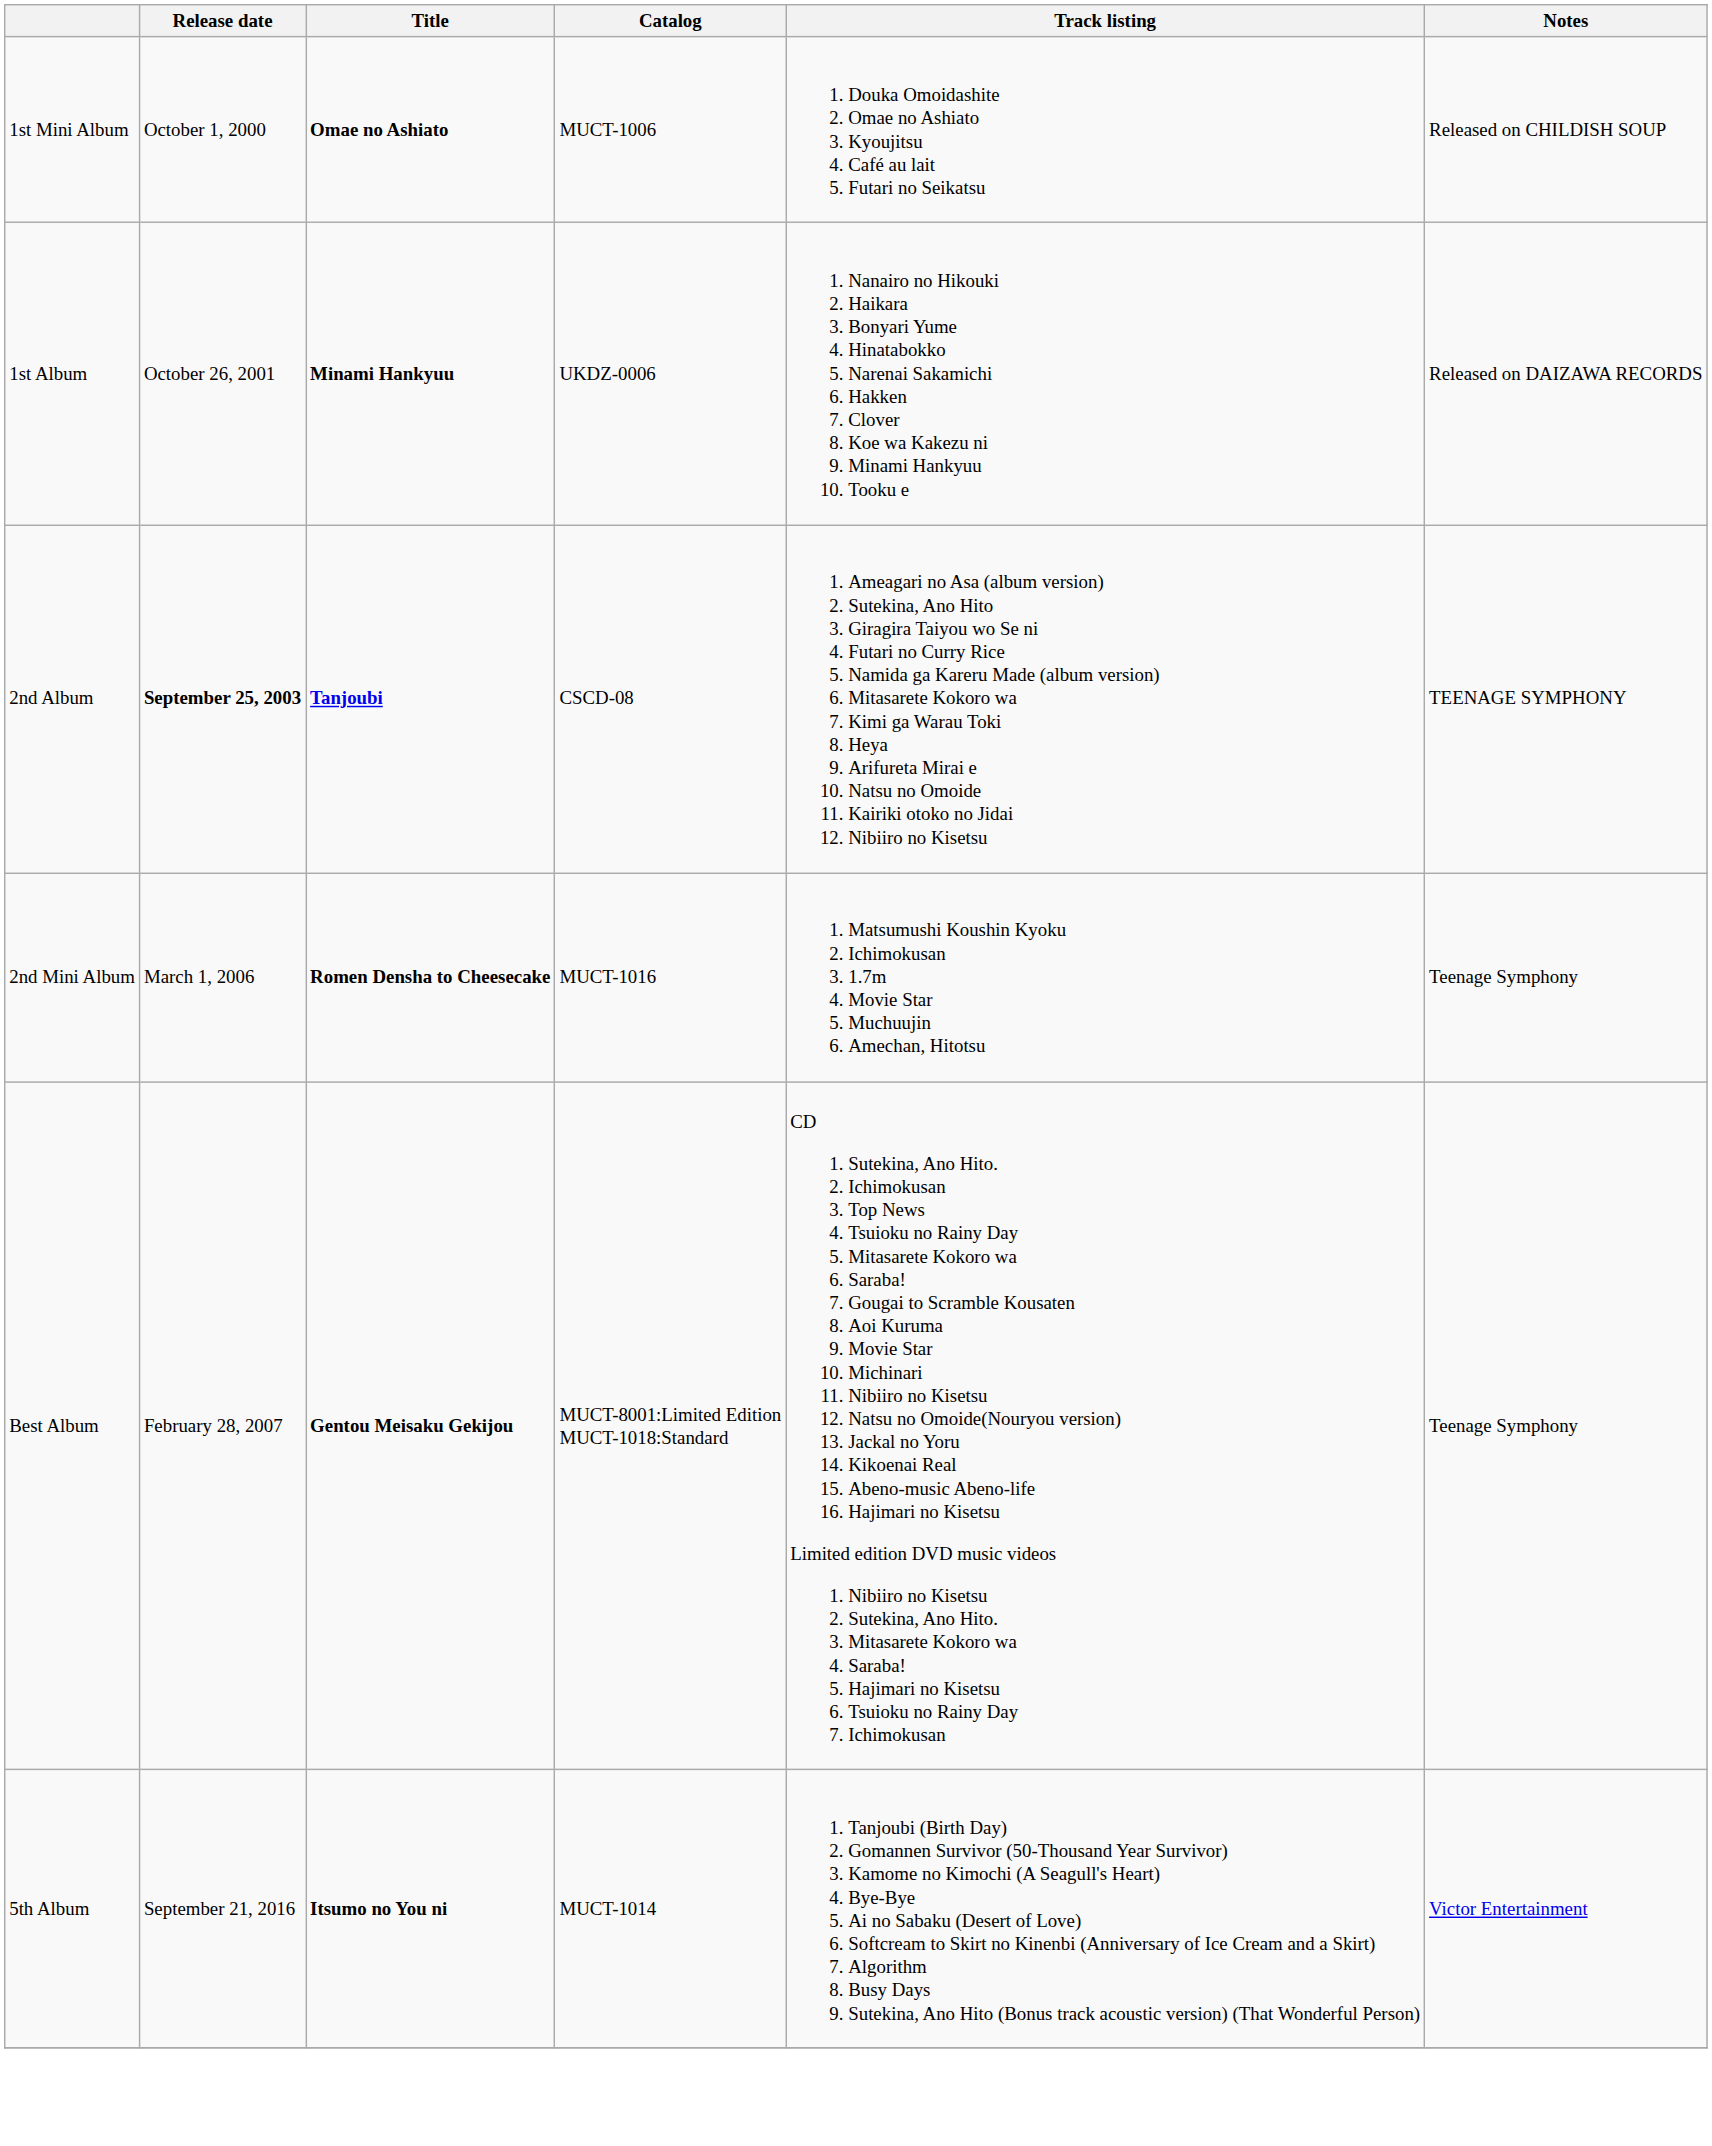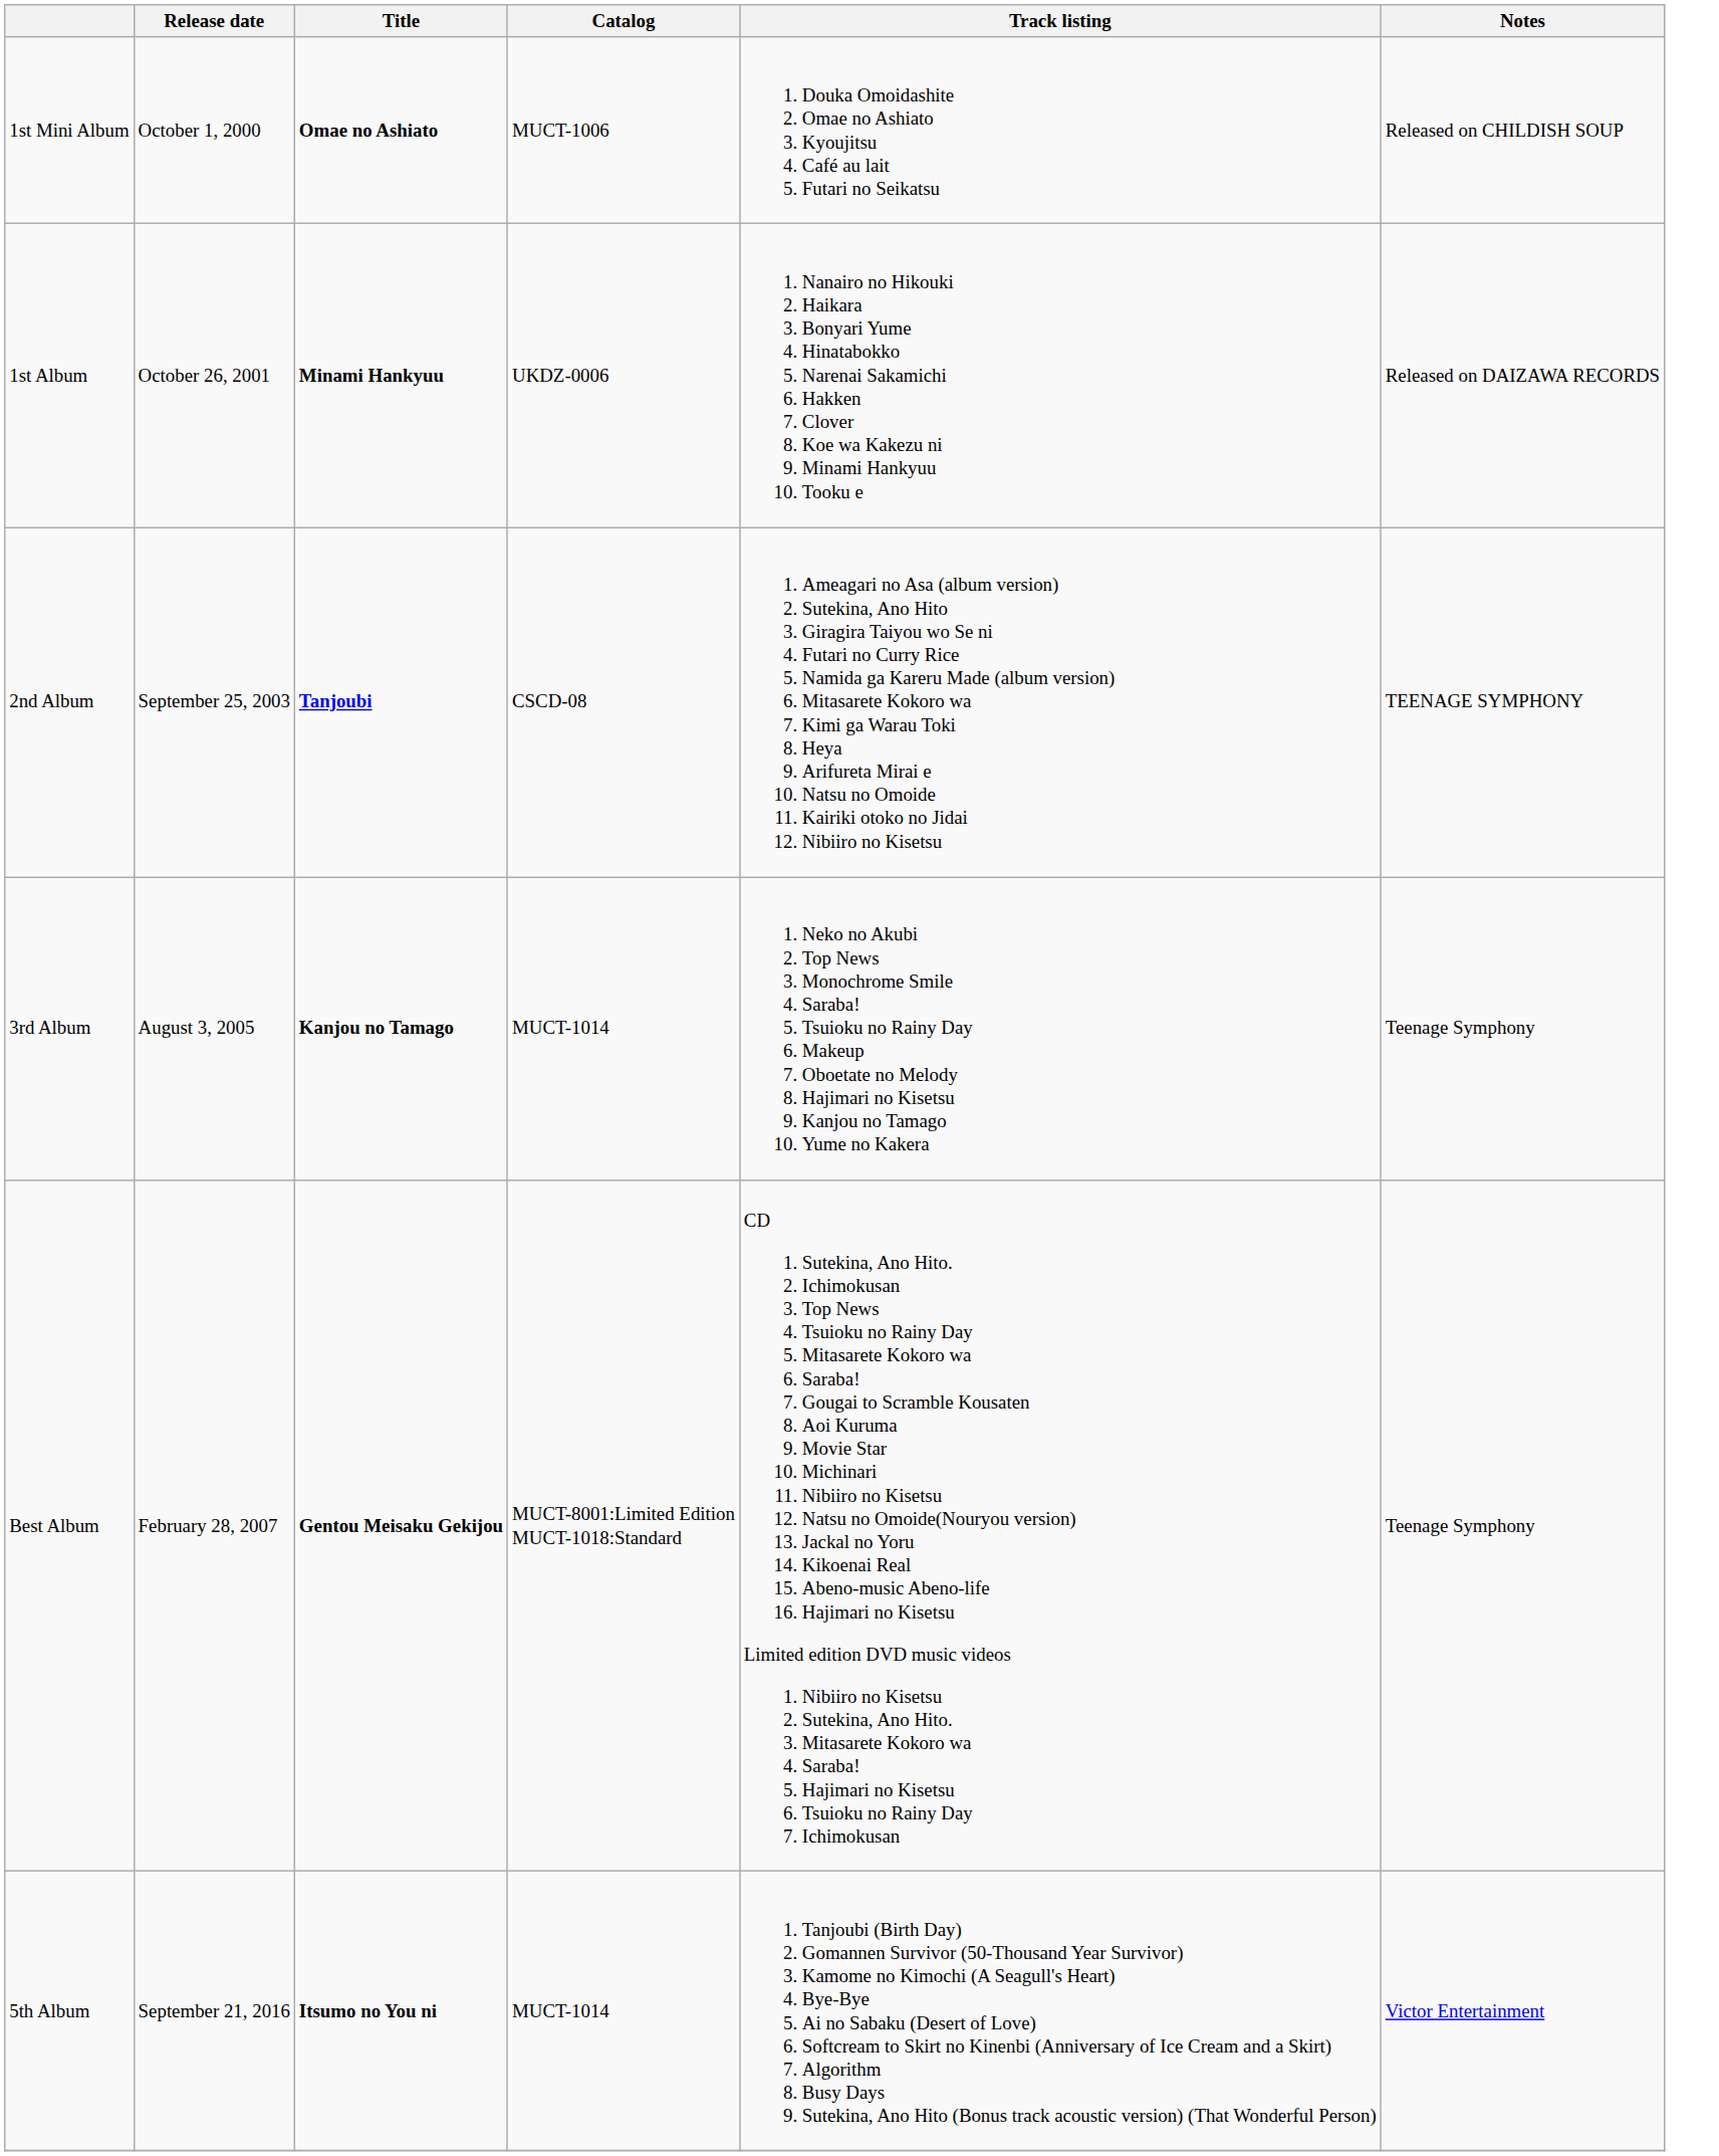 <table class="wikitable" style=font-size:small>
 <tr>
 <th> </th>
 <th>Release date</th>
 <th>Title</th>
 <th>Catalog</th>
 <th>Track listing</th>
 <th>Notes</th>
 </tr>
 <tr>
 <td>1st Mini Album</td>
 <td>October 1, 2000</td>
 <td><strong>Omae no Ashiato</strong></td>
 <td>MUCT-1006</td>
 <td><br><ol><li>Douka Omoidashite</li><li>Omae no Ashiato</li><li>Kyoujitsu</li><li>Café au lait</li><li>Futari no Seikatsu</li></ol></td>
 <td>Released on CHILDISH SOUP</td>
 </tr>
 <tr>
 <td>1st Album</td>
 <td>October 26, 2001</td>
 <td><strong>Minami Hankyuu</strong></td>
 <td>UKDZ-0006</td>
 <td><br><ol><li>Nanairo no Hikouki</li><li>Haikara</li><li>Bonyari Yume</li><li>Hinatabokko</li><li>Narenai Sakamichi</li><li>Hakken</li><li>Clover</li><li>Koe wa Kakezu ni</li><li>Minami Hankyuu</li><li>Tooku e</li></ol></td>
 <td>Released on DAIZAWA RECORDS</td>
 </tr>
 <tr>
 <td>2nd Album</td>
-<td><strong>September 25, 2003</strong></td>
+<td>September 25, 2003</td>
 <td><strong><a href='#'>Tanjoubi</a></strong></td>
 <td>CSCD-08</td>
 <td><br><ol><li>Ameagari no Asa (album version)</li><li>Sutekina, Ano Hito</li><li>Giragira Taiyou wo Se ni</li><li>Futari no Curry Rice</li><li>Namida ga Kareru Made (album version)</li><li>Mitasarete Kokoro wa</li><li>Kimi ga Warau Toki</li><li>Heya</li><li>Arifureta Mirai e</li><li>Natsu no Omoide</li><li>Kairiki otoko no Jidai</li><li>Nibiiro no Kisetsu</li></ol></td>
 <td>TEENAGE SYMPHONY</td>
 </tr>
 <tr>
-<td>2nd Mini Album</td>
-<td>March 1, 2006</td>
-<td><strong>Romen Densha to Cheesecake</strong></td>
-<td>MUCT-1016</td>
-<td><br><ol><li>Matsumushi Koushin Kyoku</li><li>Ichimokusan</li><li>1.7m</li><li>Movie Star</li><li>Muchuujin</li><li>Amechan, Hitotsu</li></ol></td>
+<td>3rd Album</td>
+<td>August 3, 2005</td>
+<td><strong>Kanjou no Tamago</strong></td>
+<td>MUCT-1014</td>
+<td><br><ol><li>Neko no Akubi</li><li>Top News</li><li>Monochrome Smile</li><li>Saraba!</li><li>Tsuioku no Rainy Day</li><li>Makeup</li><li>Oboetate no Melody</li><li>Hajimari no Kisetsu</li><li>Kanjou no Tamago</li><li>Yume no Kakera</li></ol></td>
 <td>Teenage Symphony</td>
 </tr>
 <tr>
 <td>Best Album</td>
 <td>February 28, 2007</td>
 <td><strong>Gentou Meisaku Gekijou</strong></td>
 <td>MUCT-8001:Limited Edition<br>MUCT-1018:Standard</td>
 <td><br>CD<ol><li>Sutekina, Ano Hito.</li><li>Ichimokusan</li><li>Top News</li><li>Tsuioku no Rainy Day</li><li>Mitasarete Kokoro wa</li><li>Saraba!</li><li>Gougai to Scramble Kousaten</li><li>Aoi Kuruma</li><li>Movie Star</li><li>Michinari</li><li>Nibiiro no Kisetsu</li><li>Natsu no Omoide(Nouryou version)</li><li>Jackal no Yoru</li><li>Kikoenai Real</li><li>Abeno-music Abeno-life</li><li>Hajimari no Kisetsu</li></ol>Limited edition DVD music videos<ol><li>Nibiiro no Kisetsu</li><li>Sutekina, Ano Hito.</li><li>Mitasarete Kokoro wa</li><li>Saraba!</li><li>Hajimari no Kisetsu</li><li>Tsuioku no Rainy Day</li><li>Ichimokusan</li></ol></td>
 <td>Teenage Symphony<br></td>
 </tr>
 <tr>
 <td>5th Album</td>
 <td>September 21, 2016</td>
 <td><strong>Itsumo no You ni</strong></td>
 <td>MUCT-1014</td>
 <td><br><ol><li>Tanjoubi (Birth Day)</li><li>Gomannen Survivor (50-Thousand Year Survivor)</li><li>Kamome no Kimochi (A Seagull's Heart)</li><li>Bye-Bye</li><li>Ai no Sabaku (Desert of Love)</li><li>Softcream to Skirt no Kinenbi (Anniversary of Ice Cream and a Skirt)</li><li>Algorithm</li><li>Busy Days</li><li>Sutekina, Ano Hito (Bonus track acoustic version) (That Wonderful Person)</li></ol></td>
 <td><a href='#'>Victor Entertainment</a></td>
 </tr>
 <tr>
 </tr>
 </table>
